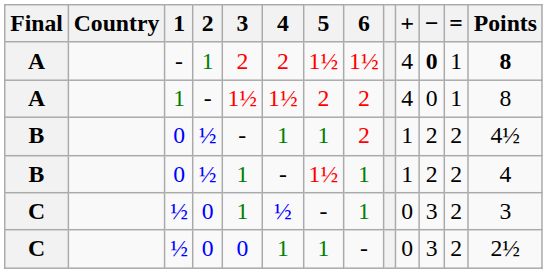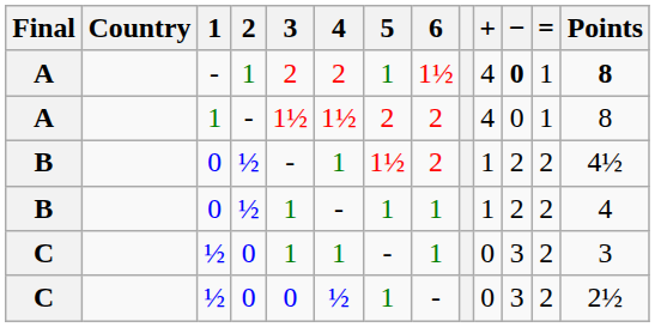 <table class="wikitable" style="text-align:center">
 <tr>
 <th>Final</th>
 <th>Country</th>
 <th>1</th>
 <th>2</th>
 <th>3</th>
 <th>4</th>
 <th>5</th>
 <th>6</th>
 <th></th>
 <th>+</th>
 <th>−</th>
 <th>=</th>
 <th>Points</th>
 </tr>
 <tr>
 <th>A</th>
 <td style="text-align: left"></td>
 <td>-</td>
 <td style="color:green;">1</td>
 <td style="color:red;">2</td>
 <td style="color:red;">2</td>
-<td style="color:red;">1½</td>
+<td style="color:green;">1</td>
 <td style="color:red;">1½</td>
 <th></th>
 <td>4</td>
 <td><strong>0</strong></td>
 <td>1</td>
 <td><strong>8</strong></td>
 </tr>
 <tr>
 <th>A</th>
 <td style="text-align: left"></td>
 <td style="color:green;">1</td>
 <td>-</td>
 <td style="color:red;">1½</td>
 <td style="color:red;">1½</td>
 <td style="color:red;">2</td>
 <td style="color:red;">2</td>
 <th></th>
 <td>4</td>
 <td>0</td>
 <td>1</td>
 <td>8</td>
 </tr>
 <tr>
 <th>B</th>
 <td style="text-align: left"></td>
 <td style="color:blue;">0</td>
 <td style="color:blue;">½</td>
 <td>-</td>
 <td style="color:green;">1</td>
-<td style="color:green;">1</td>
+<td style="color:red;">1½</td>
 <td style="color:red;">2</td>
 <th></th>
 <td>1</td>
 <td>2</td>
 <td>2</td>
 <td>4½</td>
 </tr>
 <tr>
 <th>B</th>
 <td style="text-align: left"></td>
 <td style="color:blue;">0</td>
 <td style="color:blue;">½</td>
 <td style="color:green;">1</td>
 <td>-</td>
-<td style="color:red;">1½</td>
+<td style="color:green;">1</td>
 <td style="color:green;">1</td>
 <th></th>
 <td>1</td>
 <td>2</td>
 <td>2</td>
 <td>4</td>
 </tr>
 <tr>
 <th>C</th>
 <td style="text-align: left"></td>
 <td style="color:blue;">½</td>
 <td style="color:blue;">0</td>
 <td style="color:green;">1</td>
-<td style="color:blue;">½</td>
+<td style="color:green;">1</td>
 <td>-</td>
 <td style="color:green;">1</td>
 <th></th>
 <td>0</td>
 <td>3</td>
 <td>2</td>
 <td>3</td>
 </tr>
 <tr>
 <th>C</th>
 <td style="text-align: left"></td>
 <td style="color:blue;">½</td>
 <td style="color:blue;">0</td>
 <td style="color:blue;">0</td>
-<td style="color:green;">1</td>
+<td style="color:blue;">½</td>
 <td style="color:green;">1</td>
 <td>-</td>
 <th></th>
 <td>0</td>
 <td>3</td>
 <td>2</td>
 <td>2½</td>
 </tr>
 </table>
